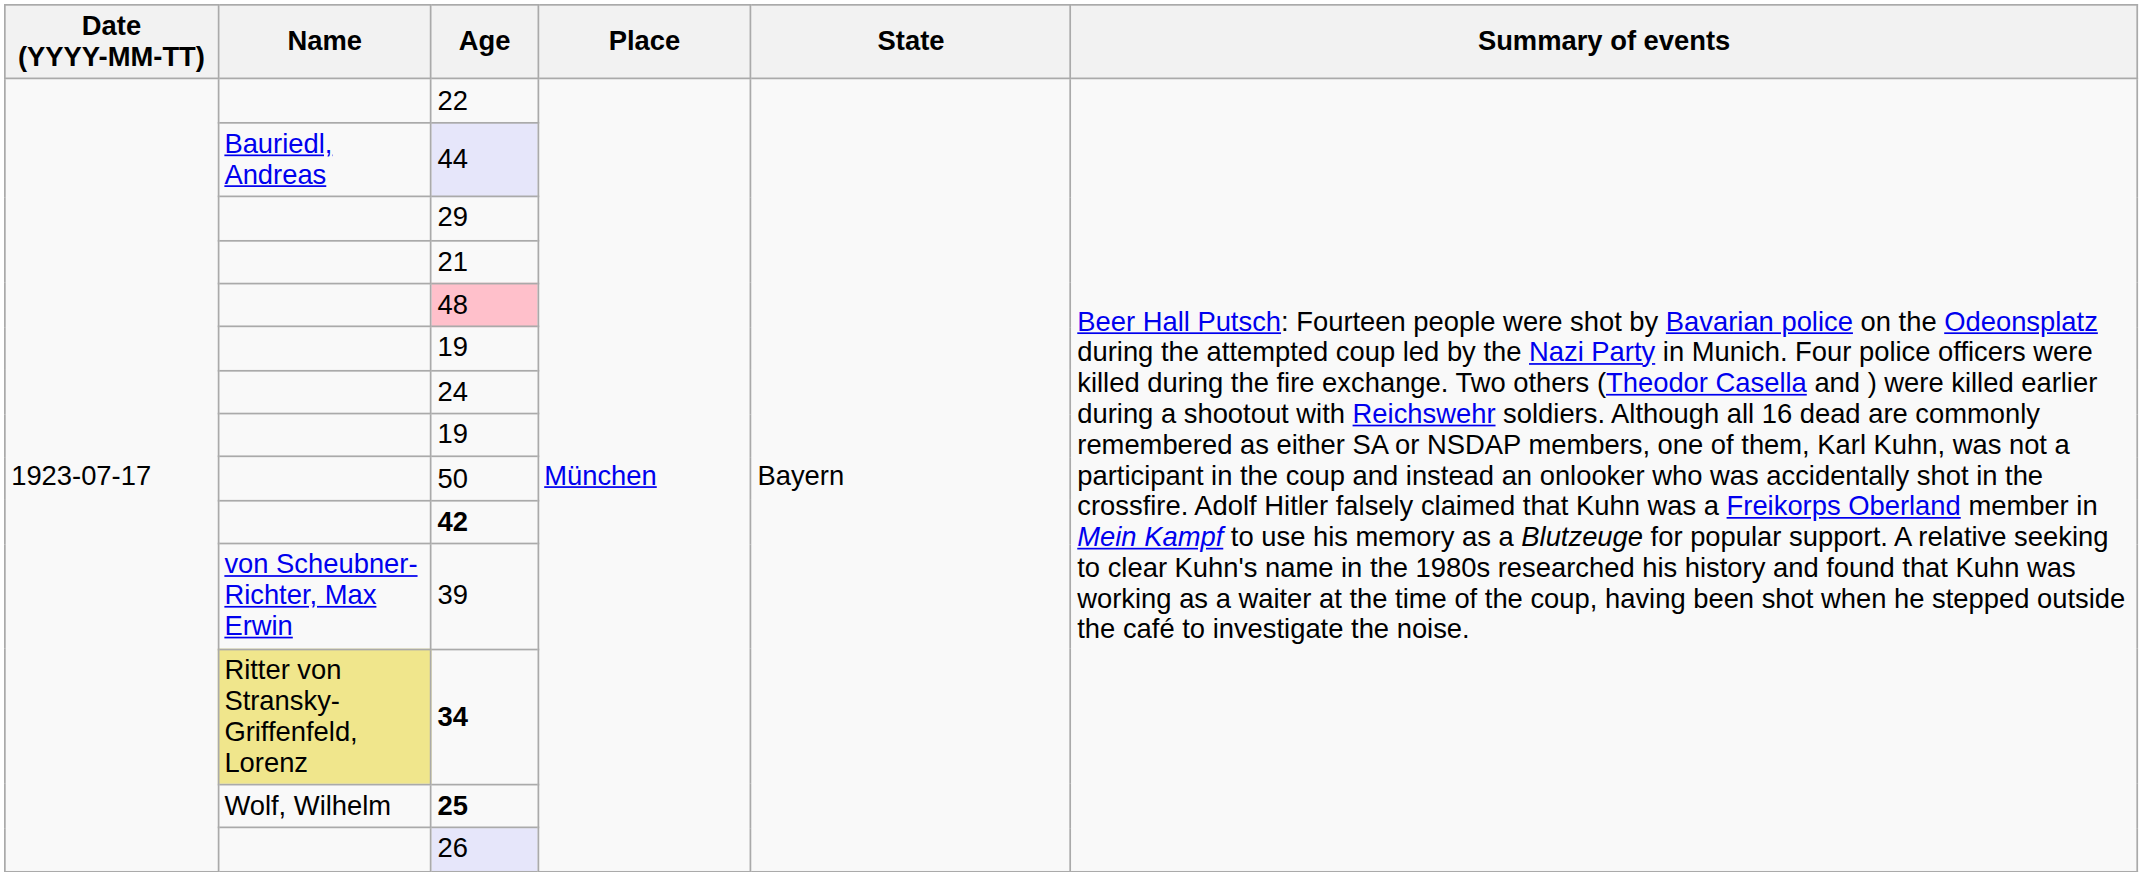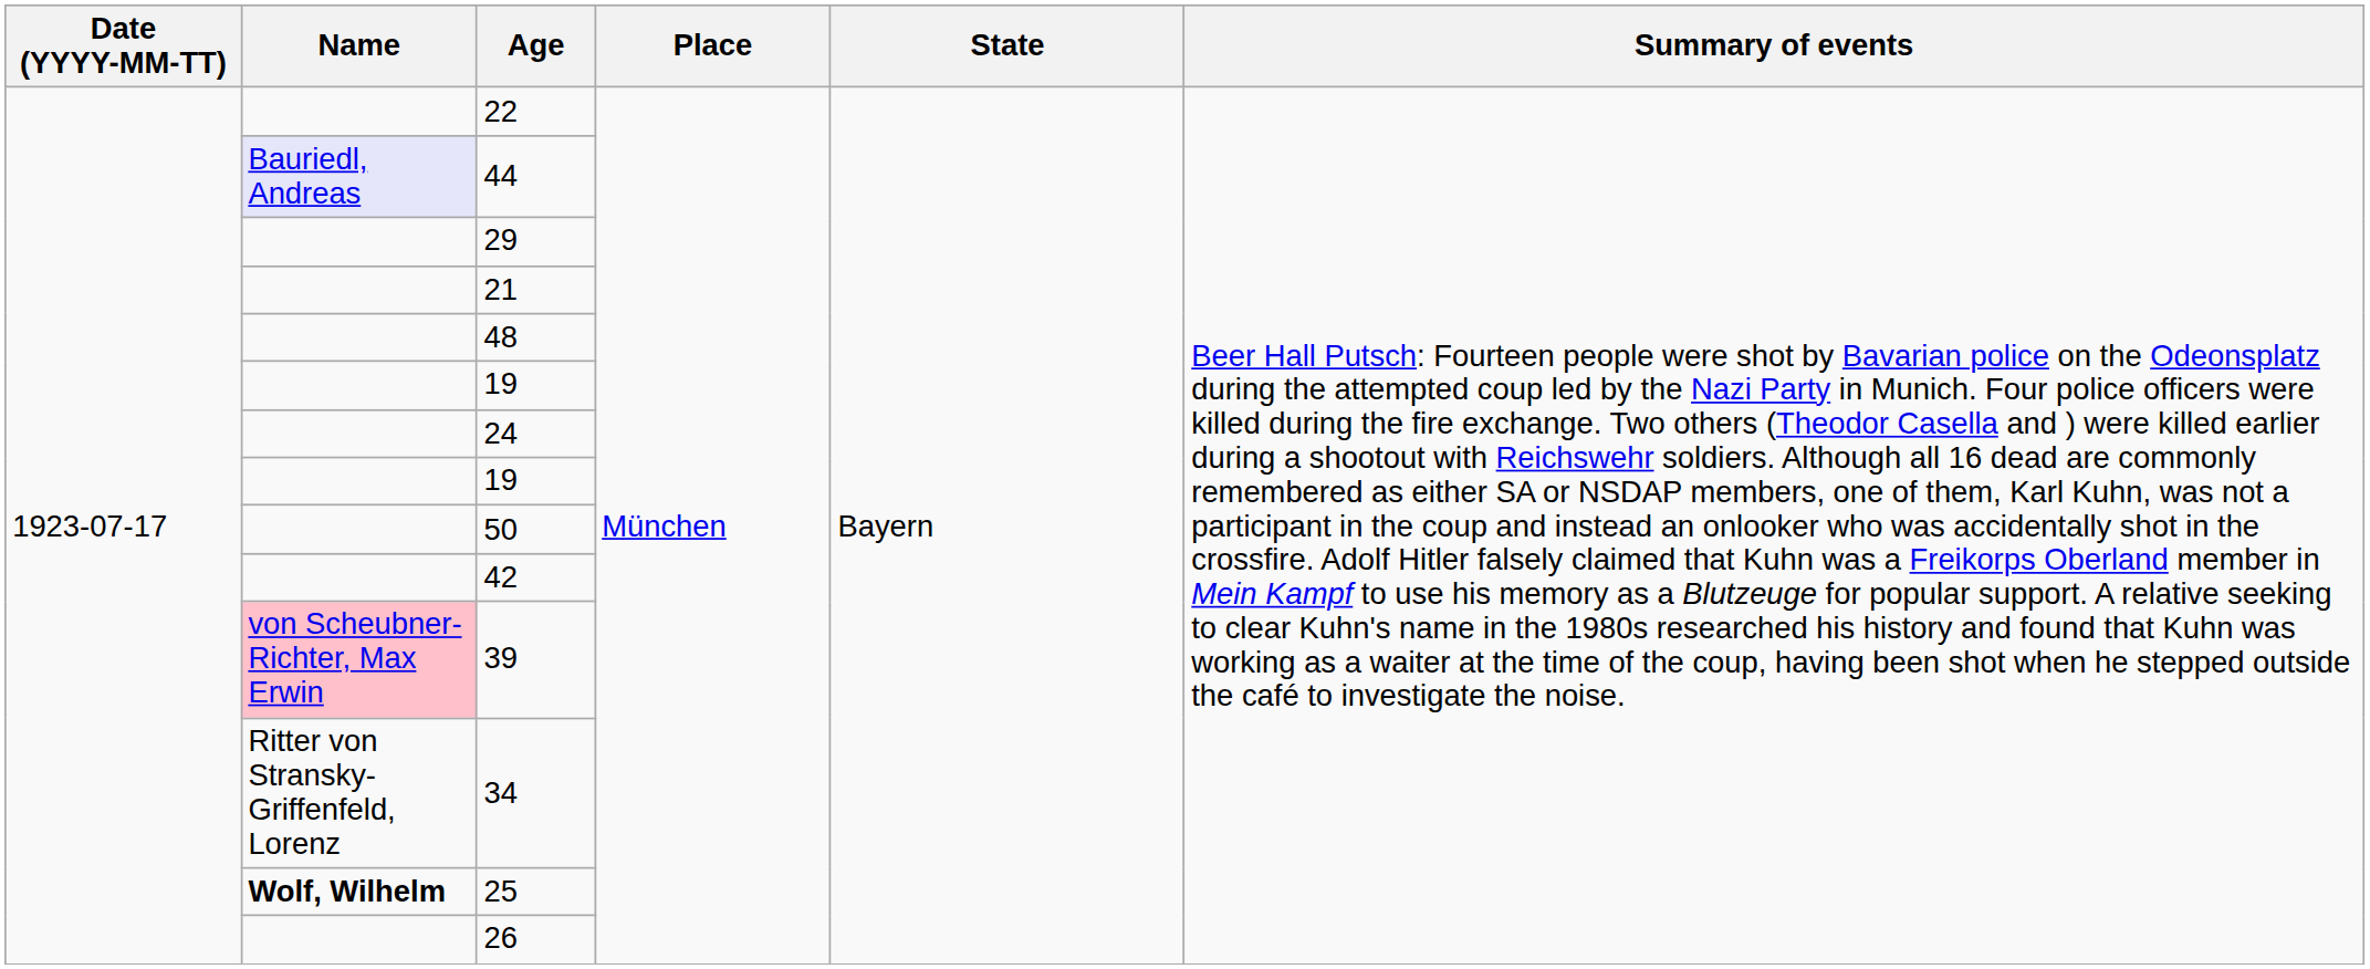 <table class="wikitable sortable static-row-numbers static-row-header-text">
 <tr>
 <th style="width:10%;">Date<br>(YYYY-MM-TT)</th>
 <th style="width:10%;">Name</th>
 <th style="width:5%;">Age</th>
 <th style="width:10%;">Place</th>
 <th style="width:15%;">State</th>
 <th style="width:50%;">Summary of events</th>
 </tr>
 <tr>
 <td rowspan=14>1923-07-17</td>
 <td></td>
 <td>22</td>
 <td rowspan=14><a href='#'>München</a></td>
 <td rowspan=14>Bayern</td>
 <td rowspan="14"><a href='#'>Beer Hall Putsch</a>: Fourteen people were shot by <a href='#'>Bavarian police</a> on the <a href='#'>Odeonsplatz</a> during the attempted coup led by the <a href='#'>Nazi Party</a> in Munich. Four police officers were killed during the fire exchange. Two others (<a href='#'>Theodor Casella</a> and ) were killed earlier during a shootout with <a href='#'>Reichswehr</a> soldiers. Although all 16 dead are commonly remembered as either SA or NSDAP members, one of them, Karl Kuhn, was not a participant in the coup and instead an onlooker who was accidentally shot in the crossfire. Adolf Hitler falsely claimed that Kuhn was a <a href='#'>Freikorps Oberland</a> member in <em><a href='#'>Mein Kampf</a></em> to use his memory as a <em>Blutzeuge</em> for popular support. A relative seeking to clear Kuhn's name in the 1980s researched his history and found that Kuhn was working as a waiter at the time of the coup, having been shot when he stepped outside the café to investigate the noise.</td>
 </tr>
 <tr>
-<td><a href='#'>Bauriedl, Andreas</a></td>
-<td style="background: lavender;">44</td>
+<td style="background: lavender;"><a href='#'>Bauriedl, Andreas</a></td>
+<td>44</td>
 </tr>
 <tr>
 <td></td>
 <td>29</td>
 </tr>
 <tr>
 <td></td>
 <td>21</td>
 </tr>
 <tr>
 <td></td>
-<td style="background: pink;">48</td>
+<td>48</td>
 </tr>
 <tr>
 <td></td>
 <td>19</td>
 </tr>
 <tr>
 <td></td>
 <td>24</td>
 </tr>
 <tr>
 <td></td>
 <td>19</td>
 </tr>
 <tr>
 <td></td>
 <td>50</td>
 </tr>
 <tr>
 <td></td>
-<td><strong>42</strong></td>
+<td>42</td>
 </tr>
 <tr>
-<td><a href='#'>von Scheubner-Richter, Max Erwin</a></td>
+<td style="background: pink;"><a href='#'>von Scheubner-Richter, Max Erwin</a></td>
 <td>39</td>
 </tr>
 <tr>
-<td style="background: khaki;">Ritter von Stransky-Griffenfeld, Lorenz</td>
-<td><strong>34</strong></td>
+<td>Ritter von Stransky-Griffenfeld, Lorenz</td>
+<td>34</td>
 </tr>
 <tr>
-<td>Wolf, Wilhelm</td>
-<td><strong>25</strong></td>
+<td><strong>Wolf, Wilhelm</strong></td>
+<td>25</td>
 </tr>
 <tr>
 <td></td>
-<td style="background: lavender;">26</td>
+<td>26</td>
 </tr>
 </table>
